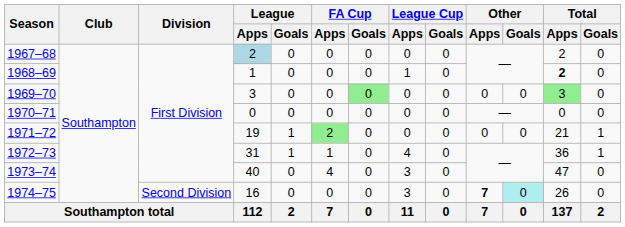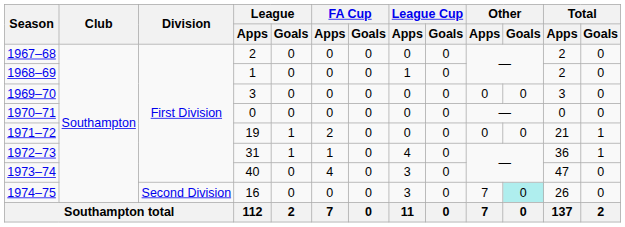 <table class="wikitable" style="text-align:center">
 <tr>
 <th rowspan="2">Season</th>
 <th rowspan="2">Club</th>
 <th rowspan="2">Division</th>
 <th colspan="2">League</th>
 <th colspan="2"><a href='#'>FA Cup</a></th>
 <th colspan="2"><a href='#'>League Cup</a></th>
 <th colspan="2">Other</th>
 <th colspan="2">Total</th>
 </tr>
 <tr>
 <th>Apps</th>
 <th>Goals</th>
 <th>Apps</th>
 <th>Goals</th>
 <th>Apps</th>
 <th>Goals</th>
 <th>Apps</th>
 <th>Goals</th>
 <th>Apps</th>
 <th>Goals</th>
 </tr>
 <tr>
 <td><a href='#'>1967–68</a></td>
 <td rowspan="8"><a href='#'>Southampton</a></td>
 <td rowspan="7"><a href='#'>First Division</a></td>
-<td style="background: lightblue;">2</td>
+<td>2</td>
 <td>0</td>
 <td>0</td>
 <td>0</td>
 <td>0</td>
 <td>0</td>
 <td rowspan="2" colspan="2">—</td>
 <td>2</td>
 <td>0</td>
 </tr>
 <tr>
 <td><a href='#'>1968–69</a></td>
 <td>1</td>
 <td>0</td>
 <td>0</td>
 <td>0</td>
 <td>1</td>
 <td>0</td>
-<td><strong>2</strong></td>
+<td>2</td>
 <td>0</td>
 </tr>
 <tr>
 <td><a href='#'>1969–70</a></td>
 <td>3</td>
 <td>0</td>
 <td>0</td>
-<td style="background: lightgreen;">0</td>
 <td>0</td>
 <td>0</td>
 <td>0</td>
 <td>0</td>
-<td style="background: lightgreen;">3</td>
+<td>0</td>
+<td>3</td>
 <td>0</td>
 </tr>
 <tr>
 <td><a href='#'>1970–71</a></td>
 <td>0</td>
 <td>0</td>
 <td>0</td>
 <td>0</td>
 <td>0</td>
 <td>0</td>
 <td colspan="2">—</td>
 <td>0</td>
 <td>0</td>
 </tr>
 <tr>
 <td><a href='#'>1971–72</a></td>
 <td>19</td>
 <td>1</td>
-<td style="background: lightgreen;">2</td>
+<td>2</td>
 <td>0</td>
 <td>0</td>
 <td>0</td>
 <td>0</td>
 <td>0</td>
 <td>21</td>
 <td>1</td>
 </tr>
 <tr>
 <td><a href='#'>1972–73</a></td>
 <td>31</td>
 <td>1</td>
 <td>1</td>
 <td>0</td>
 <td>4</td>
 <td>0</td>
 <td colspan="2" rowspan="2">—</td>
 <td>36</td>
 <td>1</td>
 </tr>
 <tr>
 <td><a href='#'>1973–74</a></td>
 <td>40</td>
 <td>0</td>
 <td>4</td>
 <td>0</td>
 <td>3</td>
 <td>0</td>
 <td>47</td>
 <td>0</td>
 </tr>
 <tr>
 <td><a href='#'>1974–75</a></td>
 <td><a href='#'>Second Division</a></td>
 <td>16</td>
 <td>0</td>
 <td>0</td>
 <td>0</td>
 <td>3</td>
 <td>0</td>
-<td><strong>7</strong></td>
+<td>7</td>
 <td style="background: paleturquoise;">0</td>
 <td>26</td>
 <td>0</td>
 </tr>
 <tr>
 <th colspan="3">Southampton total</th>
 <th>112</th>
 <th>2</th>
 <th>7</th>
 <th>0</th>
 <th>11</th>
 <th>0</th>
 <th>7</th>
 <th>0</th>
 <th>137</th>
 <th>2</th>
 </tr>
 </table>
